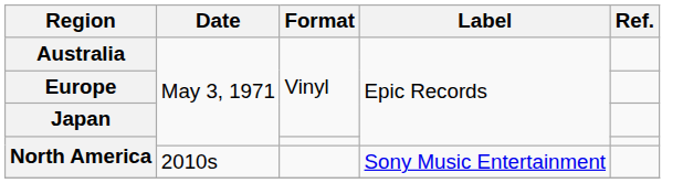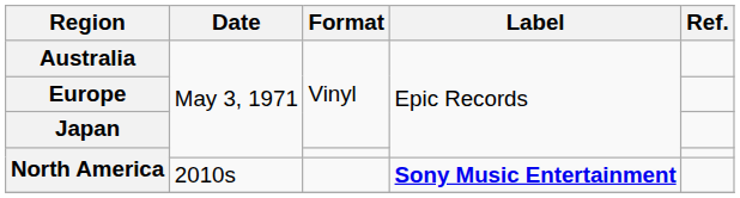 <table class="wikitable plainrowheaders">
 <tr>
 <th scope="col">Region</th>
 <th scope="col">Date</th>
 <th scope="col">Format</th>
 <th scope="col">Label</th>
 <th scope="col">Ref.</th>
 </tr>
 <tr>
 <th scope="row">Australia</th>
 <td rowspan="4">May 3, 1971</td>
 <td rowspan="3">Vinyl</td>
 <td rowspan="4">Epic Records</td>
 <td></td>
 </tr>
 <tr>
 <th scope="row">Europe</th>
 <td></td>
 </tr>
 <tr>
 <th scope="row">Japan</th>
 <td></td>
 </tr>
 <tr>
 <th scope="row" rowspan="2">North America</th>
 <td></td>
 <td></td>
 </tr>
 <tr>
 <td>2010s</td>
 <td></td>
-<td><a href='#'>Sony Music Entertainment</a></td>
+<td><strong><a href='#'>Sony Music Entertainment</a></strong></td>
 <td></td>
 </tr>
 <tr>
 </tr>
 </table>
